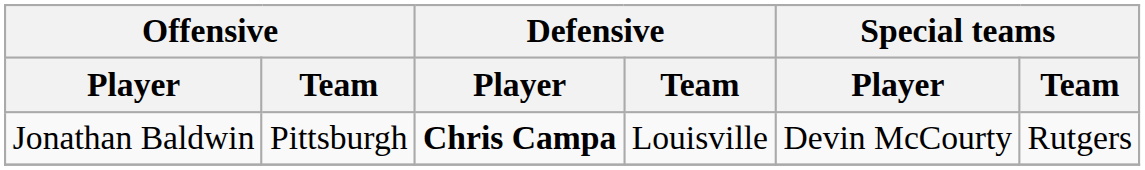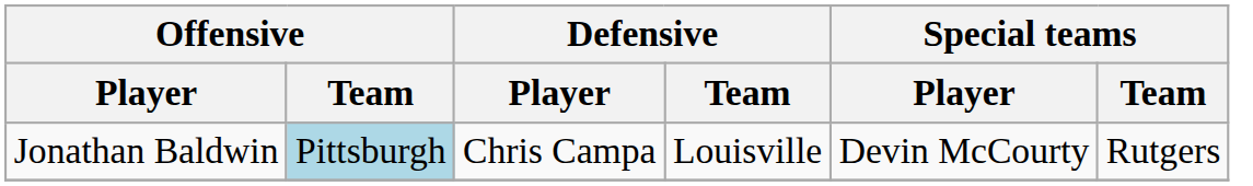 <table class="wikitable" border="1">
 <tr>
 <th colspan="2">Offensive</th>
 <th colspan="2">Defensive</th>
 <th colspan="2">Special teams</th>
 </tr>
 <tr>
 <th>Player</th>
 <th>Team</th>
 <th>Player</th>
 <th>Team</th>
 <th>Player</th>
 <th>Team</th>
 </tr>
 <tr>
 <td>Jonathan Baldwin</td>
-<td>Pittsburgh</td>
-<td><strong>Chris Campa</strong></td>
+<td style="background: lightblue;">Pittsburgh</td>
+<td>Chris Campa</td>
 <td>Louisville</td>
 <td>Devin McCourty</td>
 <td>Rutgers</td>
 </tr>
 <tr>
 </tr>
 </table>
